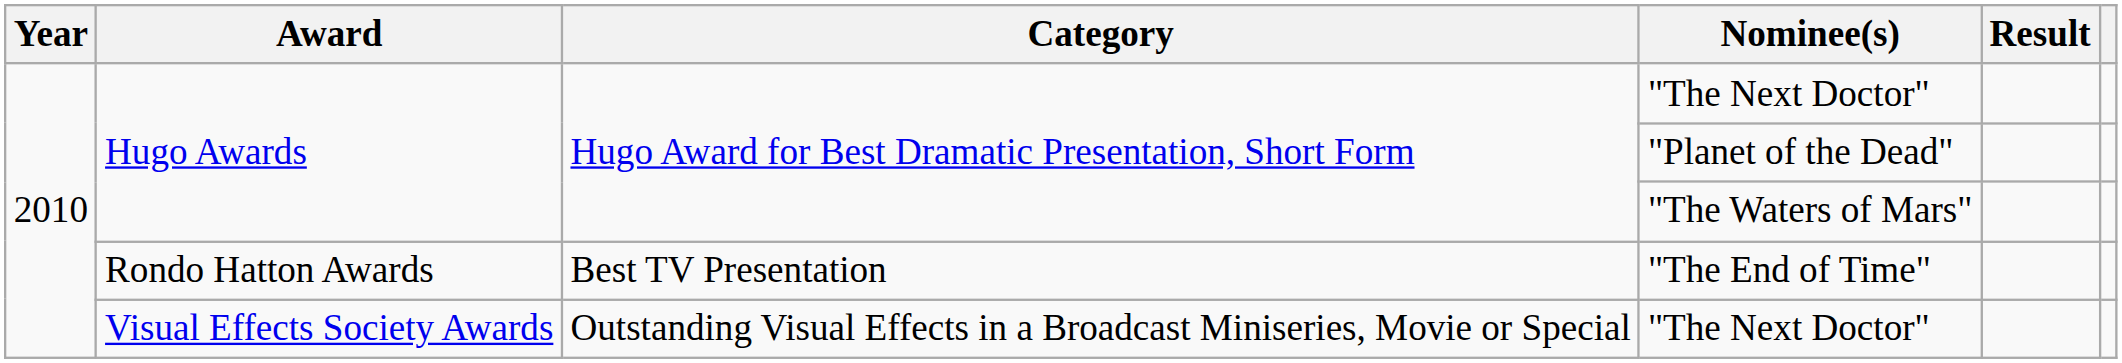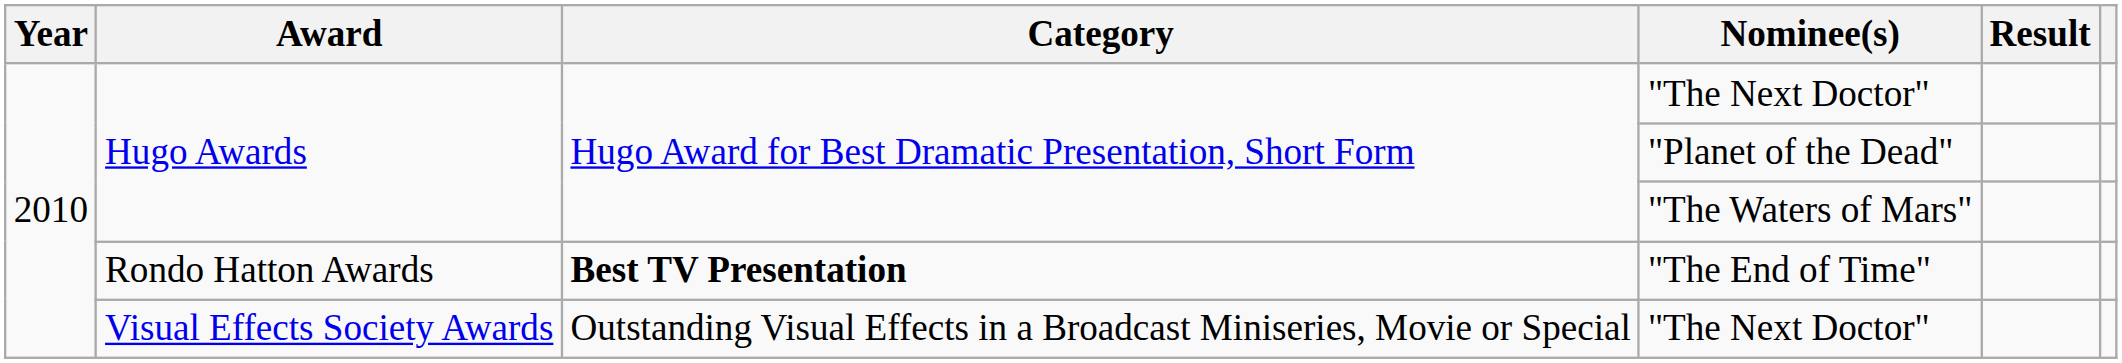 <table class="wikitable sortable">
 <tr>
 <th>Year</th>
 <th>Award</th>
 <th>Category</th>
 <th>Nominee(s)</th>
 <th>Result</th>
 <th></th>
 </tr>
 <tr>
 <td rowspan="5">2010</td>
 <td rowspan="3"><a href='#'>Hugo Awards</a></td>
 <td rowspan="3"><a href='#'>Hugo Award for Best Dramatic Presentation, Short Form</a></td>
 <td>"The Next Doctor"</td>
 <td></td>
 <td></td>
 </tr>
 <tr>
 <td>"Planet of the Dead"</td>
 <td></td>
 <td></td>
 </tr>
 <tr>
 <td>"The Waters of Mars"</td>
 <td></td>
 <td></td>
 </tr>
 <tr>
 <td>Rondo Hatton Awards</td>
-<td>Best TV Presentation</td>
+<td><strong>Best TV Presentation</strong></td>
 <td>"The End of Time"</td>
 <td></td>
 <td></td>
 </tr>
 <tr>
 <td><a href='#'>Visual Effects Society Awards</a></td>
 <td>Outstanding Visual Effects in a Broadcast Miniseries, Movie or Special</td>
 <td>"The Next Doctor"</td>
 <td></td>
 <td></td>
 </tr>
 </table>
